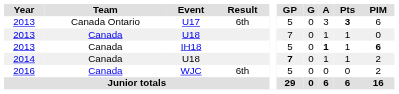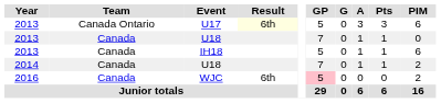 <table border="0" cellpadding="1" cellspacing="0" style="text-align:center; width:40em">
 <tr ALIGN="center" bgcolor="#e0e0e0">
 <th>Year</th>
 <th>Team</th>
 <th>Event</th>
 <th>Result</th>
 <th rowspan="99" bgcolor="#ffffff"> </th>
 <th>GP</th>
 <th>G</th>
 <th>A</th>
 <th>Pts</th>
 <th>PIM</th>
 </tr>
 <tr ALIGN="center">
 <td><a href='#'>2013</a></td>
 <td>Canada Ontario</td>
 <td><a href='#'>U17</a></td>
-<td>6th</td>
+<td style="background: lightyellow;">6th</td>
 <td>5</td>
 <td>0</td>
 <td>3</td>
-<td><strong>3</strong></td>
+<td>3</td>
 <td>6</td>
 </tr>
 <tr ALIGN="center" bgcolor="#f0f0f0">
 <td><a href='#'>2013</a></td>
 <td><a href='#'>Canada</a></td>
 <td><a href='#'>U18</a></td>
 <td></td>
 <td>7</td>
 <td>0</td>
 <td>1</td>
 <td>1</td>
 <td>0</td>
 </tr>
 <tr ALIGN="center">
 <td><a href='#'>2013</a></td>
 <td>Canada</td>
 <td><a href='#'>IH18</a></td>
 <td></td>
 <td>5</td>
 <td>0</td>
-<td><strong>1</strong></td>
 <td>1</td>
-<td><strong>6</strong></td>
+<td>1</td>
+<td>6</td>
 </tr>
 <tr ALIGN="center" bgcolor="#f0f0f0">
 <td><a href='#'>2014</a></td>
 <td>Canada</td>
 <td>U18</td>
 <td></td>
-<td><strong>7</strong></td>
+<td>7</td>
 <td>0</td>
 <td>1</td>
 <td>1</td>
 <td>2</td>
 </tr>
 <tr>
 <td><a href='#'>2016</a></td>
 <td><a href='#'>Canada</a></td>
 <td><a href='#'>WJC</a></td>
 <td>6th</td>
-<td>5</td>
+<td style="background: pink;">5</td>
 <td>0</td>
 <td>0</td>
 <td>0</td>
 <td>2</td>
 </tr>
 <tr bgcolor="#e0e0e0">
 <th colspan="4">Junior totals</th>
 <th>29</th>
 <th>0</th>
 <th>6</th>
 <th>6</th>
 <th>16</th>
 </tr>
 </table>
